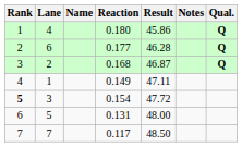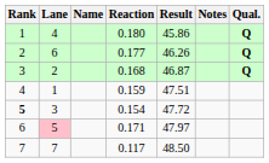 <table class="wikitable sortable" style="text-align:center">
 <tr>
 <th>Rank</th>
 <th>Lane</th>
 <th>Name</th>
 <th>Reaction</th>
 <th>Result</th>
 <th>Notes</th>
 <th>Qual.</th>
 </tr>
 <tr style="background:#cfc;">
 <td>1</td>
 <td>4</td>
 <td align="left"></td>
 <td>0.180</td>
 <td>45.86</td>
 <td></td>
 <td><strong>Q</strong></td>
 </tr>
 <tr style="background:#cfc;">
 <td>2</td>
 <td>6</td>
 <td align="left"></td>
 <td>0.177</td>
-<td>46.28</td>
+<td>46.26</td>
 <td></td>
 <td><strong>Q</strong></td>
 </tr>
 <tr style="background:#cfc;">
 <td>3</td>
 <td>2</td>
 <td align="left"></td>
 <td>0.168</td>
 <td>46.87</td>
 <td></td>
 <td><strong>Q</strong></td>
 </tr>
 <tr>
 <td>4</td>
 <td>1</td>
 <td align="left"></td>
-<td>0.149</td>
-<td>47.11</td>
+<td>0.159</td>
+<td>47.51</td>
 <td></td>
 <td></td>
 </tr>
 <tr>
 <td><strong>5</strong></td>
 <td>3</td>
 <td align="left"></td>
 <td>0.154</td>
 <td>47.72</td>
 <td></td>
 <td></td>
 </tr>
 <tr>
 <td>6</td>
-<td>5</td>
+<td style="background: pink;">5</td>
 <td align="left"></td>
-<td>0.131</td>
-<td>48.00</td>
+<td>0.171</td>
+<td>47.97</td>
 <td></td>
 <td></td>
 </tr>
 <tr>
 <td>7</td>
 <td>7</td>
 <td align="left"></td>
 <td>0.117</td>
 <td>48.50</td>
 <td></td>
 <td></td>
 </tr>
 </table>
